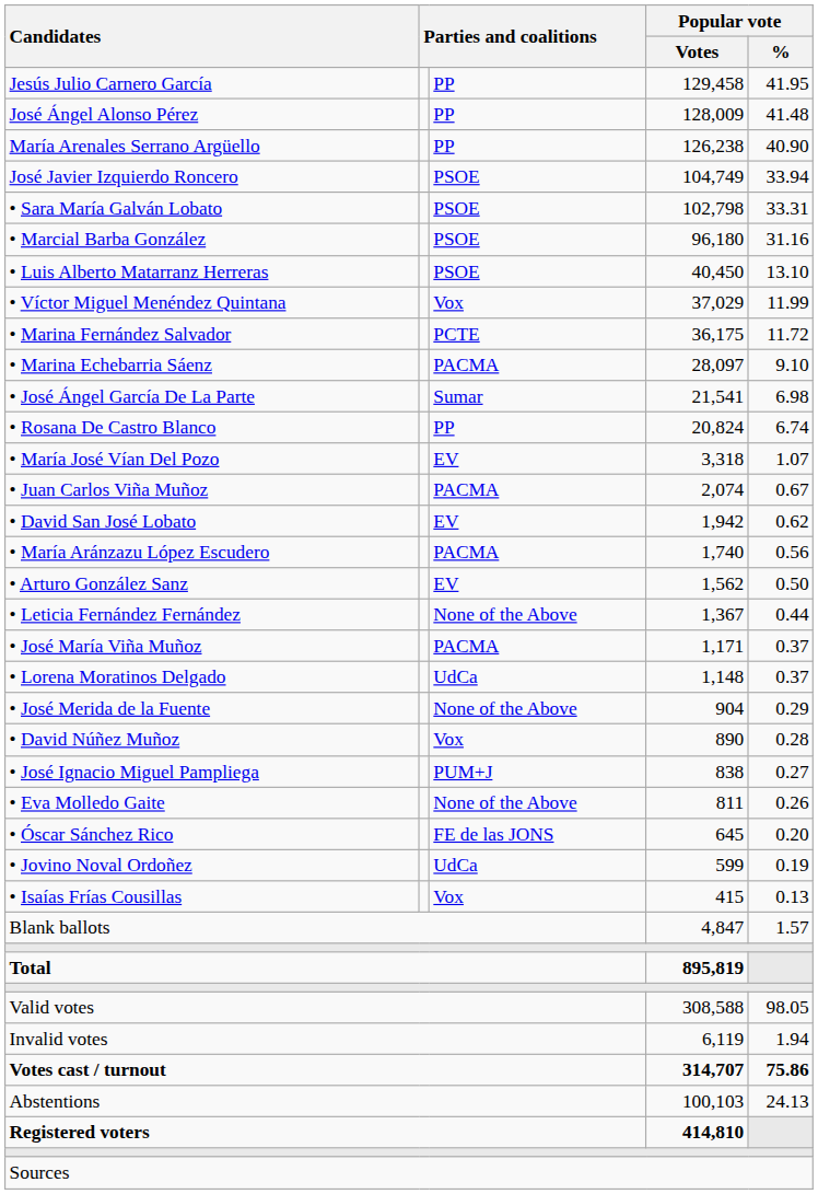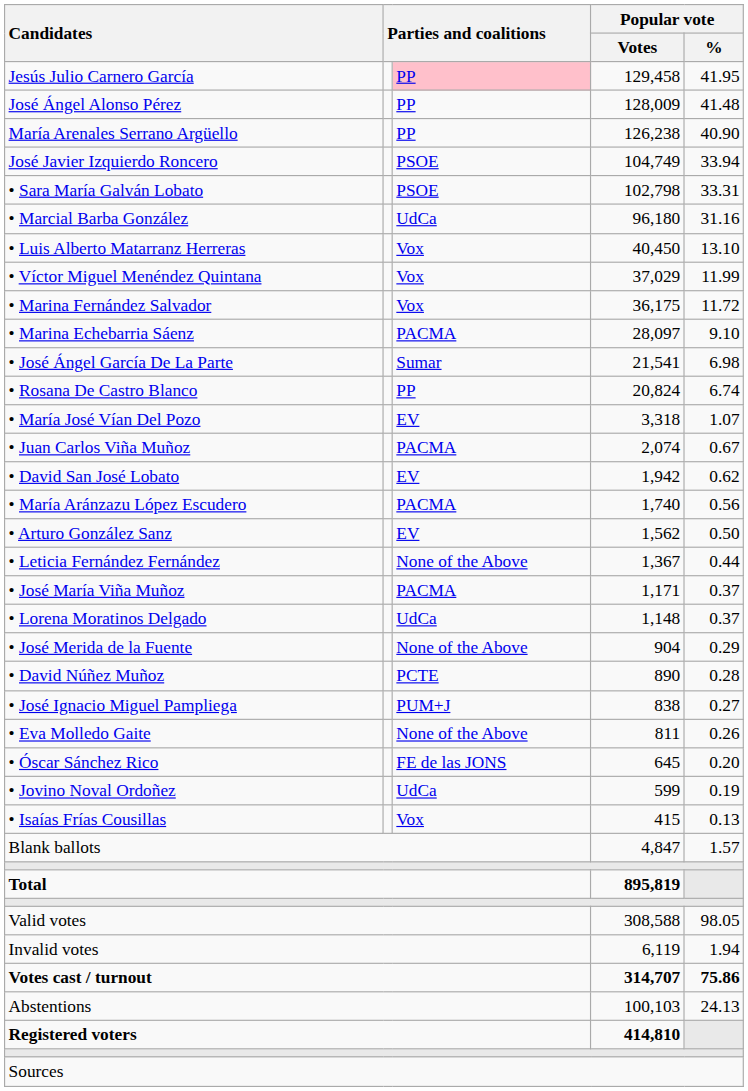 <table class="wikitable" style="text-align:right; font-size:95%;">
 <tr>
 <th style="text-align:left;" rowspan="2" width="325">Candidates</th>
 <th style="text-align:left;" rowspan="2" colspan="2" width="175">Parties and coalitions</th>
 <th colspan="2">Popular vote</th>
 </tr>
 <tr>
 <th width="75">Votes</th>
 <th width="45">%</th>
 </tr>
 <tr>
 <td align="left"> <a href='#'>Jesús Julio Carnero García</a></td>
 <td width="1" style="color:inherit;background:"></td>
-<td align="left"><a href='#'>PP</a></td>
+<td align="left" style="background: pink;"><a href='#'>PP</a></td>
 <td>129,458</td>
 <td>41.95</td>
 </tr>
 <tr>
 <td align="left"> <a href='#'>José Ángel Alonso Pérez</a></td>
 <td width="1" style="color:inherit;background:"></td>
 <td align="left"><a href='#'>PP</a></td>
 <td>128,009</td>
 <td>41.48</td>
 </tr>
 <tr>
 <td align="left"> <a href='#'>María Arenales Serrano Argüello</a></td>
 <td width="1" style="color:inherit;background:"></td>
 <td align="left"><a href='#'>PP</a></td>
 <td>126,238</td>
 <td>40.90</td>
 </tr>
 <tr>
 <td align="left"> <a href='#'>José Javier Izquierdo Roncero</a></td>
 <td width="1" style="color:inherit;background:"></td>
 <td align="left"><a href='#'>PSOE</a></td>
 <td>104,749</td>
 <td>33.94</td>
 </tr>
 <tr>
 <td align="left">• <a href='#'>Sara María Galván Lobato</a></td>
 <td width="1" style="color:inherit;background:"></td>
 <td align="left"><a href='#'>PSOE</a></td>
 <td>102,798</td>
 <td>33.31</td>
 </tr>
 <tr>
 <td align="left">• <a href='#'>Marcial Barba González</a></td>
 <td width="1" style="color:inherit;background:"></td>
-<td align="left"><a href='#'>PSOE</a></td>
+<td align="left"><a href='#'>UdCa</a></td>
 <td>96,180</td>
 <td>31.16</td>
 </tr>
 <tr>
 <td align="left">• <a href='#'>Luis Alberto Matarranz Herreras</a></td>
 <td width="1" style="color:inherit;background:"></td>
-<td align="left"><a href='#'>PSOE</a></td>
+<td align="left"><a href='#'>Vox</a></td>
 <td>40,450</td>
 <td>13.10</td>
 </tr>
 <tr>
 <td align="left">• <a href='#'>Víctor Miguel Menéndez Quintana</a></td>
 <td width="1" style="color:inherit;background:"></td>
 <td align="left"><a href='#'>Vox</a></td>
 <td>37,029</td>
 <td>11.99</td>
 </tr>
 <tr>
 <td align="left">• <a href='#'>Marina Fernández Salvador</a></td>
 <td width="1" style="color:inherit;background:"></td>
-<td align="left"><a href='#'>PCTE</a></td>
+<td align="left"><a href='#'>Vox</a></td>
 <td>36,175</td>
 <td>11.72</td>
 </tr>
 <tr>
 <td align="left">• <a href='#'>Marina Echebarria Sáenz</a></td>
 <td width="1" style="color:inherit;background:"></td>
 <td align="left"><a href='#'>PACMA</a></td>
 <td>28,097</td>
 <td>9.10</td>
 </tr>
 <tr>
 <td align="left">• <a href='#'>José Ángel García De La Parte</a></td>
 <td width="1" style="color:inherit;background:"></td>
 <td align="left"><a href='#'>Sumar</a></td>
 <td>21,541</td>
 <td>6.98</td>
 </tr>
 <tr>
 <td align="left">• <a href='#'>Rosana De Castro Blanco</a></td>
 <td width="1" style="color:inherit;background:"></td>
 <td align="left"><a href='#'>PP</a></td>
 <td>20,824</td>
 <td>6.74</td>
 </tr>
 <tr>
 <td align="left">• <a href='#'>María José Vían Del Pozo</a></td>
 <td width="1" style="color:inherit;background:"></td>
 <td align="left"><a href='#'>EV</a></td>
 <td>3,318</td>
 <td>1.07</td>
 </tr>
 <tr>
 <td align="left">• <a href='#'>Juan Carlos Viña Muñoz</a></td>
 <td width="1" style="color:inherit;background:"></td>
 <td align="left"><a href='#'>PACMA</a></td>
 <td>2,074</td>
 <td>0.67</td>
 </tr>
 <tr>
 <td align="left">• <a href='#'>David San José Lobato</a></td>
 <td width="1" style="color:inherit;background:"></td>
 <td align="left"><a href='#'>EV</a></td>
 <td>1,942</td>
 <td>0.62</td>
 </tr>
 <tr>
 <td align="left">• <a href='#'>María Aránzazu López Escudero</a></td>
 <td width="1" style="color:inherit;background:"></td>
 <td align="left"><a href='#'>PACMA</a></td>
 <td>1,740</td>
 <td>0.56</td>
 </tr>
 <tr>
 <td align="left">• <a href='#'>Arturo González Sanz</a></td>
 <td width="1" style="color:inherit;background:"></td>
 <td align="left"><a href='#'>EV</a></td>
 <td>1,562</td>
 <td>0.50</td>
 </tr>
 <tr>
 <td align="left">• <a href='#'>Leticia Fernández Fernández</a></td>
 <td width="1" style="color:inherit;background:"></td>
 <td align="left"><a href='#'>None of the Above</a></td>
 <td>1,367</td>
 <td>0.44</td>
 </tr>
 <tr>
 <td align="left">• <a href='#'>José María Viña Muñoz</a></td>
 <td width="1" style="color:inherit;background:"></td>
 <td align="left"><a href='#'>PACMA</a></td>
 <td>1,171</td>
 <td>0.37</td>
 </tr>
 <tr>
 <td align="left">• <a href='#'>Lorena Moratinos Delgado</a></td>
 <td width="1" style="color:inherit;background:"></td>
 <td align="left"><a href='#'>UdCa</a></td>
 <td>1,148</td>
 <td>0.37</td>
 </tr>
 <tr>
 <td align="left">• <a href='#'>José Merida de la Fuente</a></td>
 <td width="1" style="color:inherit;background:"></td>
 <td align="left"><a href='#'>None of the Above</a></td>
 <td>904</td>
 <td>0.29</td>
 </tr>
 <tr>
 <td align="left">• <a href='#'>David Núñez Muñoz</a></td>
 <td width="1" style="color:inherit;background:"></td>
-<td align="left"><a href='#'>Vox</a></td>
+<td align="left"><a href='#'>PCTE</a></td>
 <td>890</td>
 <td>0.28</td>
 </tr>
 <tr>
 <td align="left">• <a href='#'>José Ignacio Miguel Pampliega</a></td>
 <td width="1" style="color:inherit;background:"></td>
 <td align="left"><a href='#'>PUM+J</a></td>
 <td>838</td>
 <td>0.27</td>
 </tr>
 <tr>
 <td align="left">• <a href='#'>Eva Molledo Gaite</a></td>
 <td width="1" style="color:inherit;background:"></td>
 <td align="left"><a href='#'>None of the Above</a></td>
 <td>811</td>
 <td>0.26</td>
 </tr>
 <tr>
 <td align="left">• <a href='#'>Óscar Sánchez Rico</a></td>
 <td width="1" style="color:inherit;background:"></td>
 <td align="left"><a href='#'>FE de las JONS</a></td>
 <td>645</td>
 <td>0.20</td>
 </tr>
 <tr>
 <td align="left">• <a href='#'>Jovino Noval Ordoñez</a></td>
 <td width="1" style="color:inherit;background:"></td>
 <td align="left"><a href='#'>UdCa</a></td>
 <td>599</td>
 <td>0.19</td>
 </tr>
 <tr>
 <td align="left">• <a href='#'>Isaías Frías Cousillas</a></td>
 <td width="1" style="color:inherit;background:"></td>
 <td align="left"><a href='#'>Vox</a></td>
 <td>415</td>
 <td>0.13</td>
 </tr>
 <tr>
 <td align="left" colspan="3">Blank ballots</td>
 <td>4,847</td>
 <td>1.57</td>
 </tr>
 <tr>
 <td colspan="5" bgcolor="#E9E9E9"></td>
 </tr>
 <tr style="font-weight:bold;">
 <td align="left" colspan="3">Total</td>
 <td>895,819</td>
 <td bgcolor="#E9E9E9"></td>
 </tr>
 <tr>
 <td colspan="5" bgcolor="#E9E9E9"></td>
 </tr>
 <tr>
 <td align="left" colspan="3">Valid votes</td>
 <td>308,588</td>
 <td>98.05</td>
 </tr>
 <tr>
 <td align="left" colspan="3">Invalid votes</td>
 <td>6,119</td>
 <td>1.94</td>
 </tr>
 <tr style="font-weight:bold;">
 <td align="left" colspan="3">Votes cast / turnout</td>
 <td>314,707</td>
 <td>75.86</td>
 </tr>
 <tr>
 <td align="left" colspan="3">Abstentions</td>
 <td>100,103</td>
 <td>24.13</td>
 </tr>
 <tr style="font-weight:bold;">
 <td align="left" colspan="3">Registered voters</td>
 <td>414,810</td>
 <td bgcolor="#E9E9E9"></td>
 </tr>
 <tr>
 <td colspan="5" bgcolor="#E9E9E9"></td>
 </tr>
 <tr>
 <td align="left" colspan="5">Sources</td>
 </tr>
 </table>
